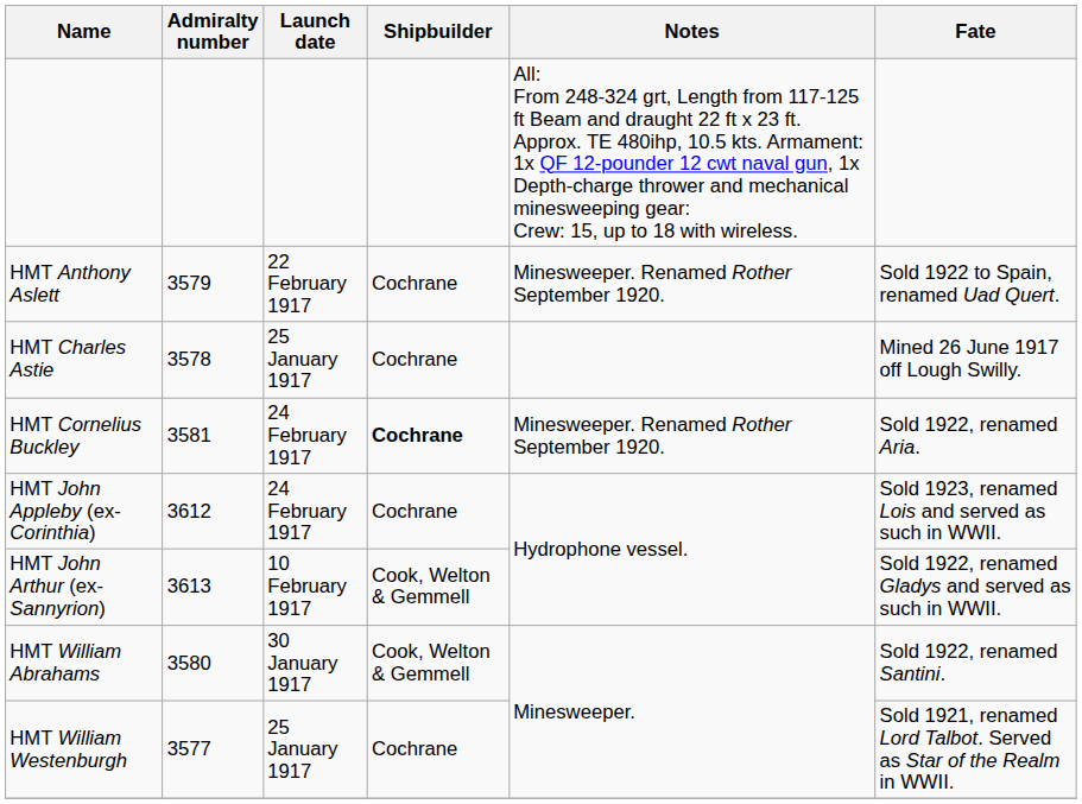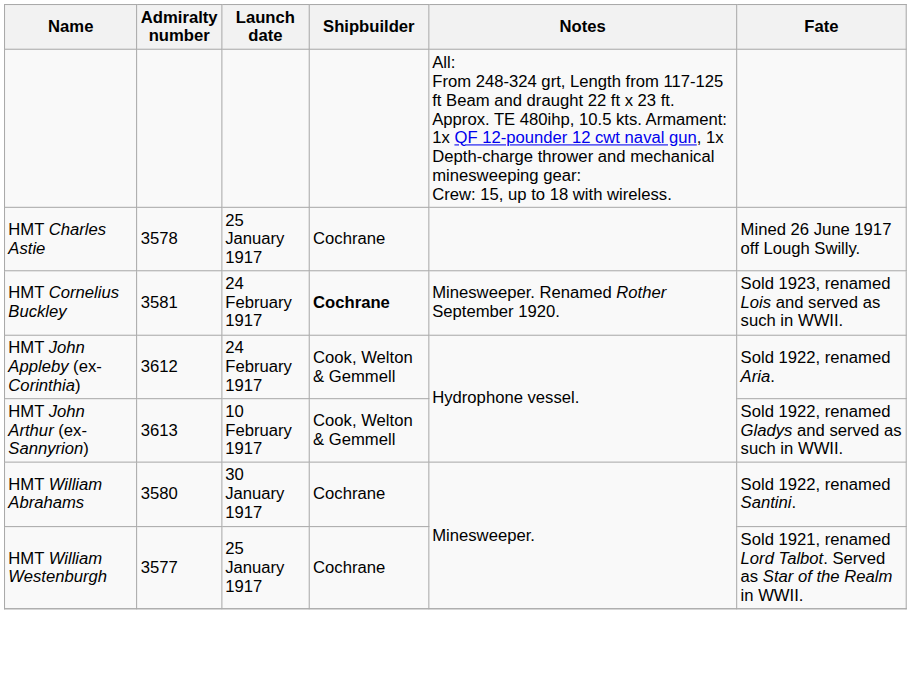 <table class="wikitable sortable">
 <tr>
 <th width="120">Name</th>
 <th width="20">Admiralty number</th>
 <th>Launch date</th>
 <th>Shipbuilder</th>
 <th class=unsortable>Notes</th>
 <th class=unsortable>Fate</th>
 </tr>
 <tr>
 <td></td>
 <td></td>
 <td></td>
 <td></td>
 <td>All:<br>From 248-324 grt, Length from 117-125 ft  Beam and draught 22 ft x 23 ft.<br>Approx. TE 480ihp, 10.5 kts.  Armament:  1x <a href='#'>QF 12-pounder 12 cwt naval gun</a>, 1x Depth-charge thrower and mechanical minesweeping gear:<br>Crew: 15, up to 18 with wireless.</td>
 <td></td>
 </tr>
 <tr>
-<td>HMT <em>Anthony Aslett</em></td>
-<td> 3579</td>
-<td>22 February 1917</td>
-<td> Cochrane</td>
-<td>Minesweeper. Renamed <em>Rother</em> September 1920.</td>
-<td>Sold 1922 to Spain, renamed <em>Uad Quert</em>.</td>
-</tr>
-<tr>
 <td>HMT <em>Charles Astie</em></td>
 <td> 3578</td>
 <td>25 January 1917</td>
 <td> Cochrane</td>
 <td></td>
 <td>Mined 26 June 1917 off Lough Swilly.</td>
 </tr>
 <tr>
 <td>HMT <em>Cornelius Buckley</em></td>
 <td> 3581</td>
 <td>24 February 1917</td>
 <td><strong> Cochrane</strong></td>
 <td>Minesweeper. Renamed <em>Rother</em> September 1920.</td>
-<td>Sold 1922, renamed <em>Aria</em>.</td>
+<td>Sold 1923, renamed <em>Lois</em> and served as such in WWII.</td>
 </tr>
 <tr>
 <td>HMT <em>John Appleby</em> (ex-<em>Corinthia</em>)</td>
 <td> 3612</td>
 <td>24 February 1917</td>
-<td> Cochrane</td>
+<td>Cook, Welton & Gemmell</td>
 <td rowspan="2">Hydrophone vessel.</td>
-<td>Sold 1923, renamed <em>Lois</em> and served as such in WWII.</td>
+<td>Sold 1922, renamed <em>Aria</em>.</td>
 </tr>
 <tr>
 <td>HMT <em>John Arthur</em> (ex-<em>Sannyrion</em>)</td>
 <td> 3613</td>
 <td>10 February 1917</td>
 <td>Cook, Welton & Gemmell</td>
 <td>Sold 1922, renamed <em>Gladys</em> and served as such in WWII.</td>
 </tr>
 <tr>
 <td>HMT <em>William Abrahams</em></td>
 <td> 3580</td>
 <td>30 January 1917</td>
-<td>Cook, Welton & Gemmell</td>
+<td> Cochrane</td>
 <td rowspan="2">Minesweeper.</td>
 <td>Sold 1922, renamed <em>Santini</em>.</td>
 </tr>
 <tr>
 <td>HMT <em>William Westenburgh</em></td>
 <td> 3577</td>
 <td>25 January 1917</td>
 <td> Cochrane</td>
 <td>Sold 1921, renamed <em>Lord Talbot</em>. Served as <em>Star of the Realm</em> in WWII.</td>
 </tr>
 <tr>
 </tr>
 </table>
